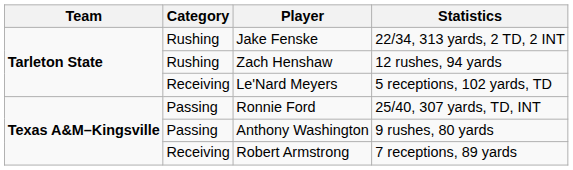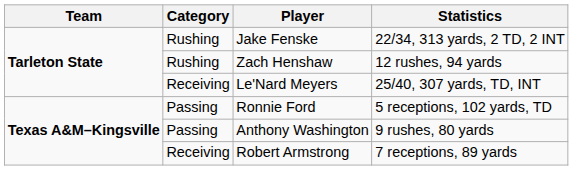 <table class="wikitable" style="float: left;">
 <tr>
 <th>Team</th>
 <th>Category</th>
 <th>Player</th>
 <th>Statistics</th>
 </tr>
 <tr>
 <td rowspan=3><strong>Tarleton State</strong></td>
 <td>Rushing</td>
 <td>Jake Fenske</td>
 <td>22/34, 313 yards, 2 TD, 2 INT</td>
 </tr>
 <tr>
 <td>Rushing</td>
 <td>Zach Henshaw</td>
 <td>12 rushes, 94 yards</td>
 </tr>
 <tr>
 <td>Receiving</td>
 <td>Le'Nard Meyers</td>
-<td>5 receptions, 102 yards, TD</td>
+<td>25/40, 307 yards, TD, INT</td>
 </tr>
 <tr>
 <td rowspan=3><strong>Texas A&M–Kingsville</strong></td>
 <td>Passing</td>
 <td>Ronnie Ford</td>
-<td>25/40, 307 yards, TD, INT</td>
+<td>5 receptions, 102 yards, TD</td>
 </tr>
 <tr>
 <td>Passing</td>
 <td>Anthony Washington</td>
 <td>9 rushes, 80 yards</td>
 </tr>
 <tr>
 <td>Receiving</td>
 <td>Robert Armstrong</td>
 <td>7 receptions, 89 yards</td>
 </tr>
 </table>
